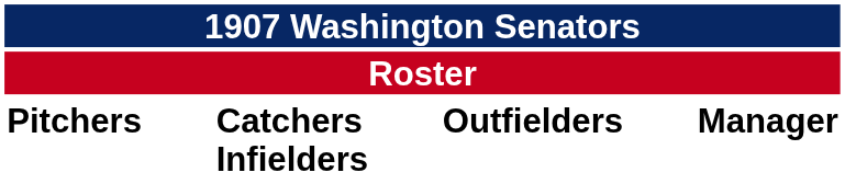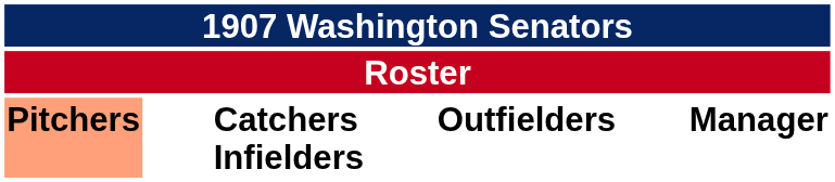 <table class="toccolours" style="font-size: 95%;">
 <tr>
 <th colspan="10" style="background-color: #072764; color: white; text-align: center;">1907 Washington Senators</th>
 </tr>
 <tr>
 <td colspan="10" style="background-color: #c6011f; color: white; text-align: center;"><strong>Roster</strong></td>
 </tr>
 <tr>
-<td valign="top"><strong>Pitchers</strong><br>             </td>
+<td valign="top" style="background: lightsalmon;"><strong>Pitchers</strong><br>             </td>
 <td width="25px"></td>
 <td valign="top"><strong>Catchers</strong><br>      <strong>Infielders</strong>           </td>
 <td width="25px"></td>
 <td valign="top"><strong>Outfielders</strong><br>    </td>
 <td width="25px"></td>
 <td valign="top"><strong>Manager</strong><br></td>
 </tr>
 </table>
